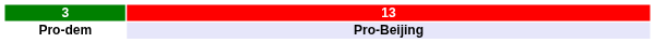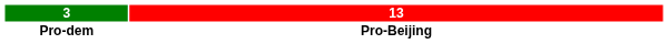 <table style="width:50%; text-align:center;">
 <tr style="color:white;">
 <td style="background:green; width:18.75%;"><strong>3</strong></td>
 <td style="background:red; width:81.25%;"><strong>13</strong></td>
 </tr>
 <tr>
 <td><span><strong>Pro-dem</strong></span></td>
-<td style="background: lavender;"><span><strong>Pro-Beijing</strong></span></td>
+<td><span><strong>Pro-Beijing</strong></span></td>
 </tr>
 </table>
